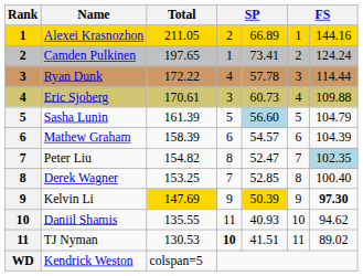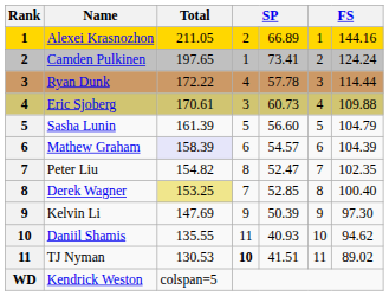 <table class="wikitable sortable">
 <tr>
 <th>Rank</th>
 <th>Name</th>
 <th width="80px">Total</th>
 <th colspan="2" width="80px"><a href='#'>SP</a></th>
 <th colspan="2" width="80px"><a href='#'>FS</a></th>
 </tr>
 <tr bgcolor="gold">
 <td align="center"><strong>1</strong></td>
 <td><a href='#'>Alexei Krasnozhon</a></td>
 <td align="center">211.05</td>
 <td align="center">2</td>
 <td align="center">66.89</td>
 <td align="center">1</td>
 <td align="center">144.16</td>
 </tr>
 <tr bgcolor="silver">
 <td align="center"><strong>2</strong></td>
 <td><a href='#'>Camden Pulkinen</a></td>
 <td align="center">197.65</td>
 <td align="center">1</td>
 <td align="center">73.41</td>
 <td align="center">2</td>
 <td align="center">124.24</td>
 </tr>
 <tr bgcolor="cc9966">
 <td align="center"><strong>3</strong></td>
 <td><a href='#'>Ryan Dunk</a></td>
 <td align="center">172.22</td>
 <td align="center">4</td>
 <td align="center">57.78</td>
 <td align="center">3</td>
 <td align="center">114.44</td>
 </tr>
 <tr bgcolor="#d1c571">
 <td align="center"><strong>4</strong></td>
 <td><a href='#'>Eric Sjoberg</a></td>
 <td align="center">170.61</td>
 <td align="center">3</td>
 <td align="center">60.73</td>
 <td align="center">4</td>
 <td align="center">109.88</td>
 </tr>
 <tr>
 <th>5</th>
 <td><a href='#'>Sasha Lunin</a></td>
 <td align="center">161.39</td>
 <td align="center">5</td>
-<td align="center" style="background: lightblue;">56.60</td>
+<td align="center">56.60</td>
 <td align="center">5</td>
 <td align="center">104.79</td>
 </tr>
 <tr>
 <th>6</th>
 <td><a href='#'>Mathew Graham</a></td>
-<td align="center">158.39</td>
+<td align="center" style="background: lavender;">158.39</td>
 <td align="center">6</td>
 <td align="center">54.57</td>
 <td align="center">6</td>
 <td align="center">104.39</td>
 </tr>
 <tr>
 <th>7</th>
 <td>Peter Liu</td>
 <td align="center">154.82</td>
 <td align="center">8</td>
 <td align="center">52.47</td>
 <td align="center">7</td>
-<td align="center" style="background: lightblue;">102.35</td>
+<td align="center">102.35</td>
 </tr>
 <tr>
 <th>8</th>
 <td><a href='#'>Derek Wagner</a></td>
-<td align="center">153.25</td>
+<td align="center" style="background: khaki;">153.25</td>
 <td align="center">7</td>
 <td align="center">52.85</td>
 <td align="center">8</td>
 <td align="center">100.40</td>
 </tr>
 <tr>
 <th>9</th>
 <td>Kelvin Li</td>
-<td align="center" style="background: gold;">147.69</td>
+<td align="center">147.69</td>
 <td align="center">9</td>
-<td align="center" style="background: gold;">50.39</td>
+<td align="center">50.39</td>
 <td align="center">9</td>
-<td align="center"><strong>97.30</strong></td>
+<td align="center">97.30</td>
 </tr>
 <tr>
 <th>10</th>
 <td><a href='#'>Daniil Shamis</a></td>
 <td align="center">135.55</td>
 <td align="center">11</td>
 <td align="center">40.93</td>
 <td align="center">10</td>
 <td align="center">94.62</td>
 </tr>
 <tr>
 <th>11</th>
 <td>TJ Nyman</td>
 <td align="center">130.53</td>
 <td align="center"><strong>10</strong></td>
 <td align="center">41.51</td>
 <td align="center">11</td>
 <td align="center">89.02</td>
 </tr>
 <tr>
 <th>WD</th>
 <td><a href='#'>Kendrick Weston</a></td>
 <td>colspan=5 </td>
 </tr>
 </table>
